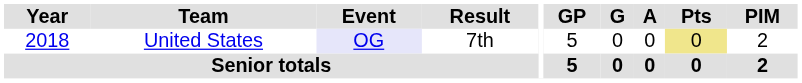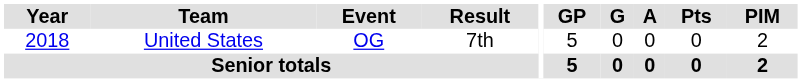 <table border="0" cellpadding="1" cellspacing="0" ID="Table3" style="text-align:center; width:40em">
 <tr ALIGN="center" bgcolor="#e0e0e0">
 <th>Year</th>
 <th>Team</th>
 <th>Event</th>
 <th>Result</th>
 <th rowspan="99" bgcolor="#ffffff"></th>
 <th>GP</th>
 <th>G</th>
 <th>A</th>
 <th>Pts</th>
 <th>PIM</th>
 </tr>
 <tr>
 <td><a href='#'>2018</a></td>
 <td><a href='#'>United States</a></td>
-<td style="background: lavender;"><a href='#'>OG</a></td>
+<td><a href='#'>OG</a></td>
 <td>7th</td>
 <td>5</td>
 <td>0</td>
 <td>0</td>
-<td style="background: khaki;">0</td>
+<td>0</td>
 <td>2</td>
 </tr>
 <tr bgcolor="#e0e0e0">
 <th colspan="4">Senior totals</th>
 <th>5</th>
 <th>0</th>
 <th>0</th>
 <th>0</th>
 <th>2</th>
 </tr>
 </table>
